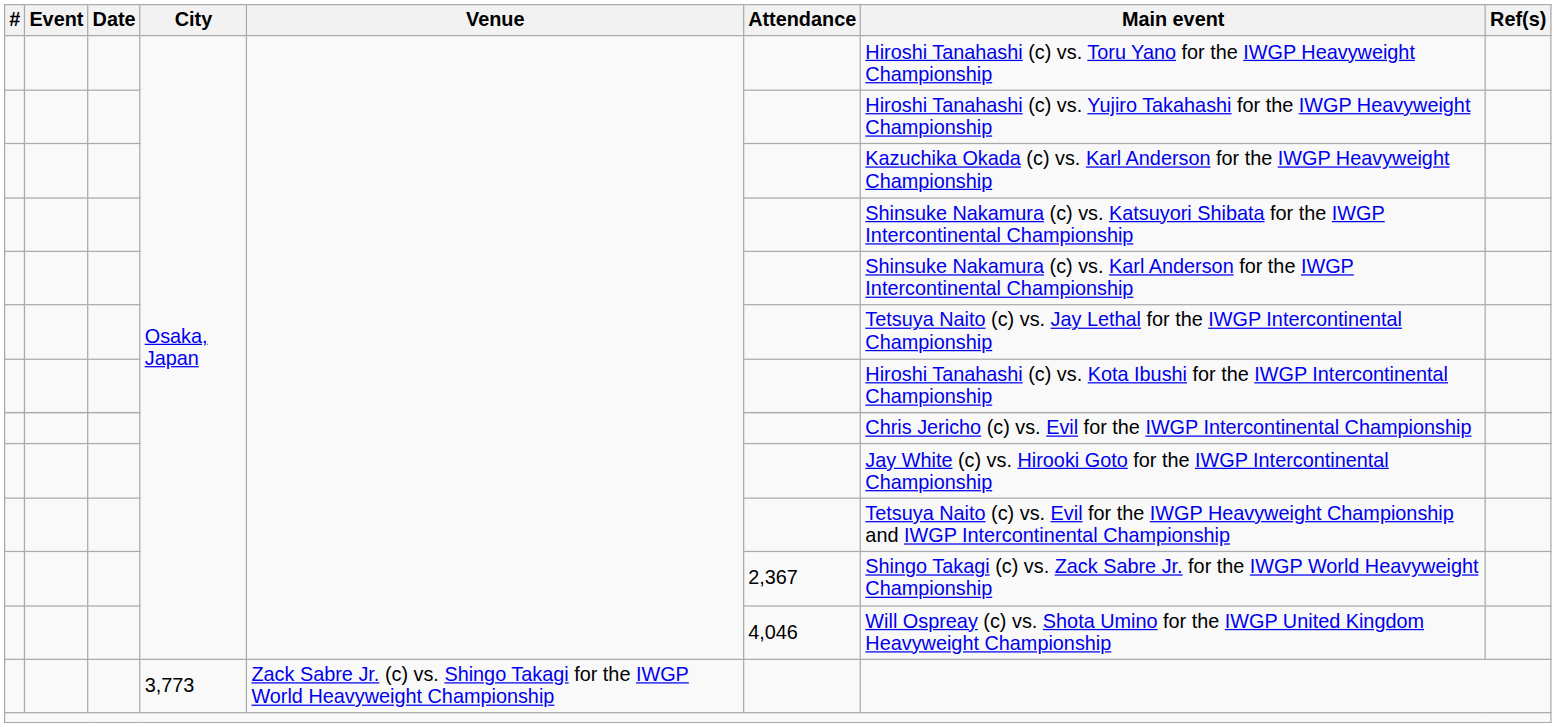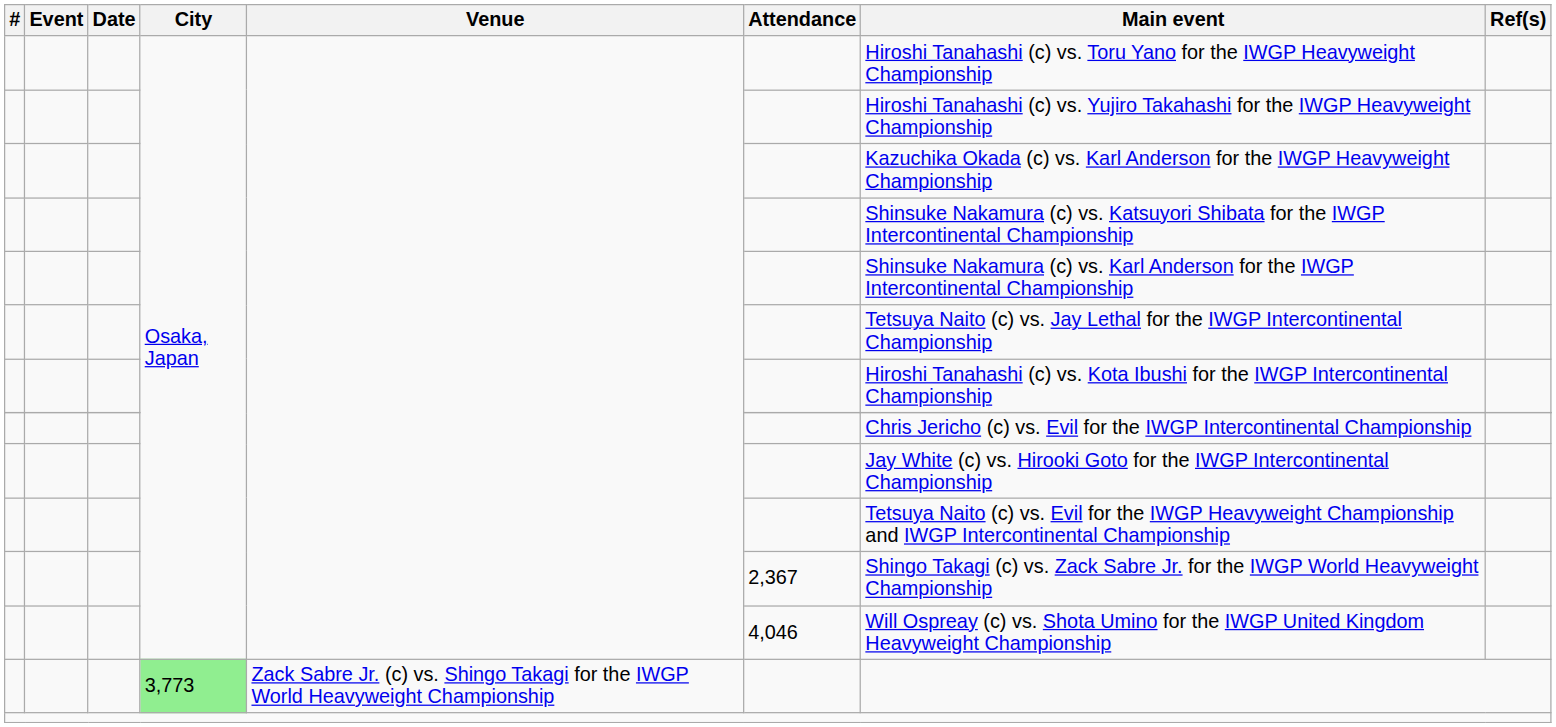 <table class="wikitable sortable" align="center">
 <tr>
 <th>#</th>
 <th>Event</th>
 <th>Date</th>
 <th>City</th>
 <th>Venue</th>
 <th>Attendance</th>
 <th>Main event</th>
 <th>Ref(s)</th>
 </tr>
 <tr>
 <td></td>
 <td></td>
 <td></td>
 <td rowspan="13"><a href='#'>Osaka, Japan</a></td>
 <td rowspan="13"></td>
 <td></td>
 <td align="left"><a href='#'>Hiroshi Tanahashi</a> (c) vs. <a href='#'>Toru Yano</a> for the <a href='#'>IWGP Heavyweight Championship</a></td>
 <td></td>
 </tr>
 <tr>
 <td></td>
 <td></td>
 <td></td>
 <td></td>
 <td align="left"><a href='#'>Hiroshi Tanahashi</a> (c) vs. <a href='#'>Yujiro Takahashi</a> for the <a href='#'>IWGP Heavyweight Championship</a></td>
 <td></td>
 </tr>
 <tr>
 <td></td>
 <td></td>
 <td></td>
 <td></td>
 <td align="left"><a href='#'>Kazuchika Okada</a> (c) vs. <a href='#'>Karl Anderson</a> for the <a href='#'>IWGP Heavyweight Championship</a></td>
 <td></td>
 </tr>
 <tr>
 <td></td>
 <td></td>
 <td></td>
 <td></td>
 <td align="left"><a href='#'>Shinsuke Nakamura</a> (c) vs. <a href='#'>Katsuyori Shibata</a> for the <a href='#'>IWGP Intercontinental Championship</a></td>
 <td></td>
 </tr>
 <tr>
 <td></td>
 <td></td>
 <td></td>
 <td></td>
 <td align="left"><a href='#'>Shinsuke Nakamura</a> (c) vs. <a href='#'>Karl Anderson</a> for the <a href='#'>IWGP Intercontinental Championship</a></td>
 <td></td>
 </tr>
 <tr>
 <td></td>
 <td></td>
 <td></td>
 <td></td>
 <td align="left"><a href='#'>Tetsuya Naito</a> (c) vs. <a href='#'>Jay Lethal</a> for the <a href='#'>IWGP Intercontinental Championship</a></td>
 <td></td>
 </tr>
 <tr>
 <td></td>
 <td></td>
 <td></td>
 <td></td>
 <td align="left"><a href='#'>Hiroshi Tanahashi</a> (c) vs. <a href='#'>Kota Ibushi</a> for the <a href='#'>IWGP Intercontinental Championship</a></td>
 <td></td>
 </tr>
 <tr>
 </tr>
 <tr>
 <td></td>
 <td></td>
 <td></td>
 <td></td>
 <td allign="left"><a href='#'>Chris Jericho</a> (c) vs. <a href='#'>Evil</a> for the <a href='#'>IWGP Intercontinental Championship</a></td>
 <td></td>
 </tr>
 <tr>
 <td></td>
 <td></td>
 <td></td>
 <td></td>
 <td allign="left"><a href='#'>Jay White</a> (c) vs. <a href='#'>Hirooki Goto</a> for the <a href='#'>IWGP Intercontinental Championship</a></td>
 <td></td>
 </tr>
 <tr>
 <td></td>
 <td></td>
 <td></td>
 <td></td>
 <td allign="left"><a href='#'>Tetsuya Naito</a> (c) vs. <a href='#'>Evil</a> for the <a href='#'>IWGP Heavyweight Championship</a> and <a href='#'>IWGP Intercontinental Championship</a></td>
 <td></td>
 </tr>
 <tr>
 <td></td>
 <td></td>
 <td></td>
 <td>2,367</td>
 <td allign="left"><a href='#'>Shingo Takagi</a> (c) vs. <a href='#'>Zack Sabre Jr.</a> for the <a href='#'>IWGP World Heavyweight Championship</a></td>
 <td></td>
 </tr>
 <tr>
 <td></td>
 <td></td>
 <td></td>
 <td>4,046</td>
 <td><a href='#'>Will Ospreay</a> (c) vs. <a href='#'>Shota Umino</a> for the <a href='#'>IWGP United Kingdom Heavyweight Championship</a></td>
 <td></td>
 </tr>
 <tr>
 <td></td>
 <td></td>
 <td></td>
-<td>3,773</td>
+<td style="background: lightgreen;">3,773</td>
 <td><a href='#'>Zack Sabre Jr.</a> (c) vs. <a href='#'>Shingo Takagi</a> for the <a href='#'>IWGP World Heavyweight Championship</a></td>
 <td></td>
 </tr>
 <tr>
 <td colspan="8"></td>
 </tr>
 </table>
